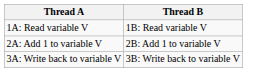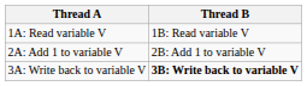 <table class="wikitable">
 <tr>
 <th>Thread A</th>
 <th>Thread B</th>
 </tr>
 <tr>
 <td>1A: Read variable V</td>
 <td>1B: Read variable V</td>
 </tr>
 <tr>
 <td>2A: Add 1 to variable V</td>
 <td>2B: Add 1 to variable V</td>
 </tr>
 <tr>
 <td>3A: Write back to variable V</td>
-<td>3B: Write back to variable V</td>
+<td><strong>3B: Write back to variable V</strong></td>
 </tr>
 </table>
